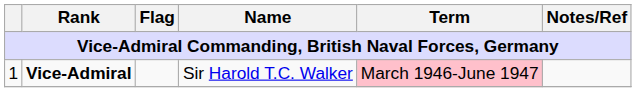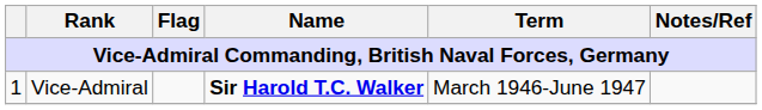 <table class="wikitable">
 <tr>
 <th></th>
 <th>Rank</th>
 <th>Flag</th>
 <th>Name</th>
 <th>Term</th>
 <th>Notes/Ref</th>
 </tr>
 <tr>
 <td colspan="6" align="center" style="background:#dcdcfe;"><strong>Vice-Admiral Commanding, British Naval Forces, Germany</strong></td>
 </tr>
 <tr>
 <td>1</td>
-<td><strong>Vice-Admiral</strong></td>
+<td>Vice-Admiral</td>
 <td></td>
-<td>Sir <a href='#'>Harold T.C. Walker</a></td>
-<td style="background: pink;">March 1946-June 1947</td>
+<td><strong>Sir <a href='#'>Harold T.C. Walker</a></strong></td>
+<td>March 1946-June 1947</td>
 <td></td>
 </tr>
 <tr>
 </tr>
 </table>
